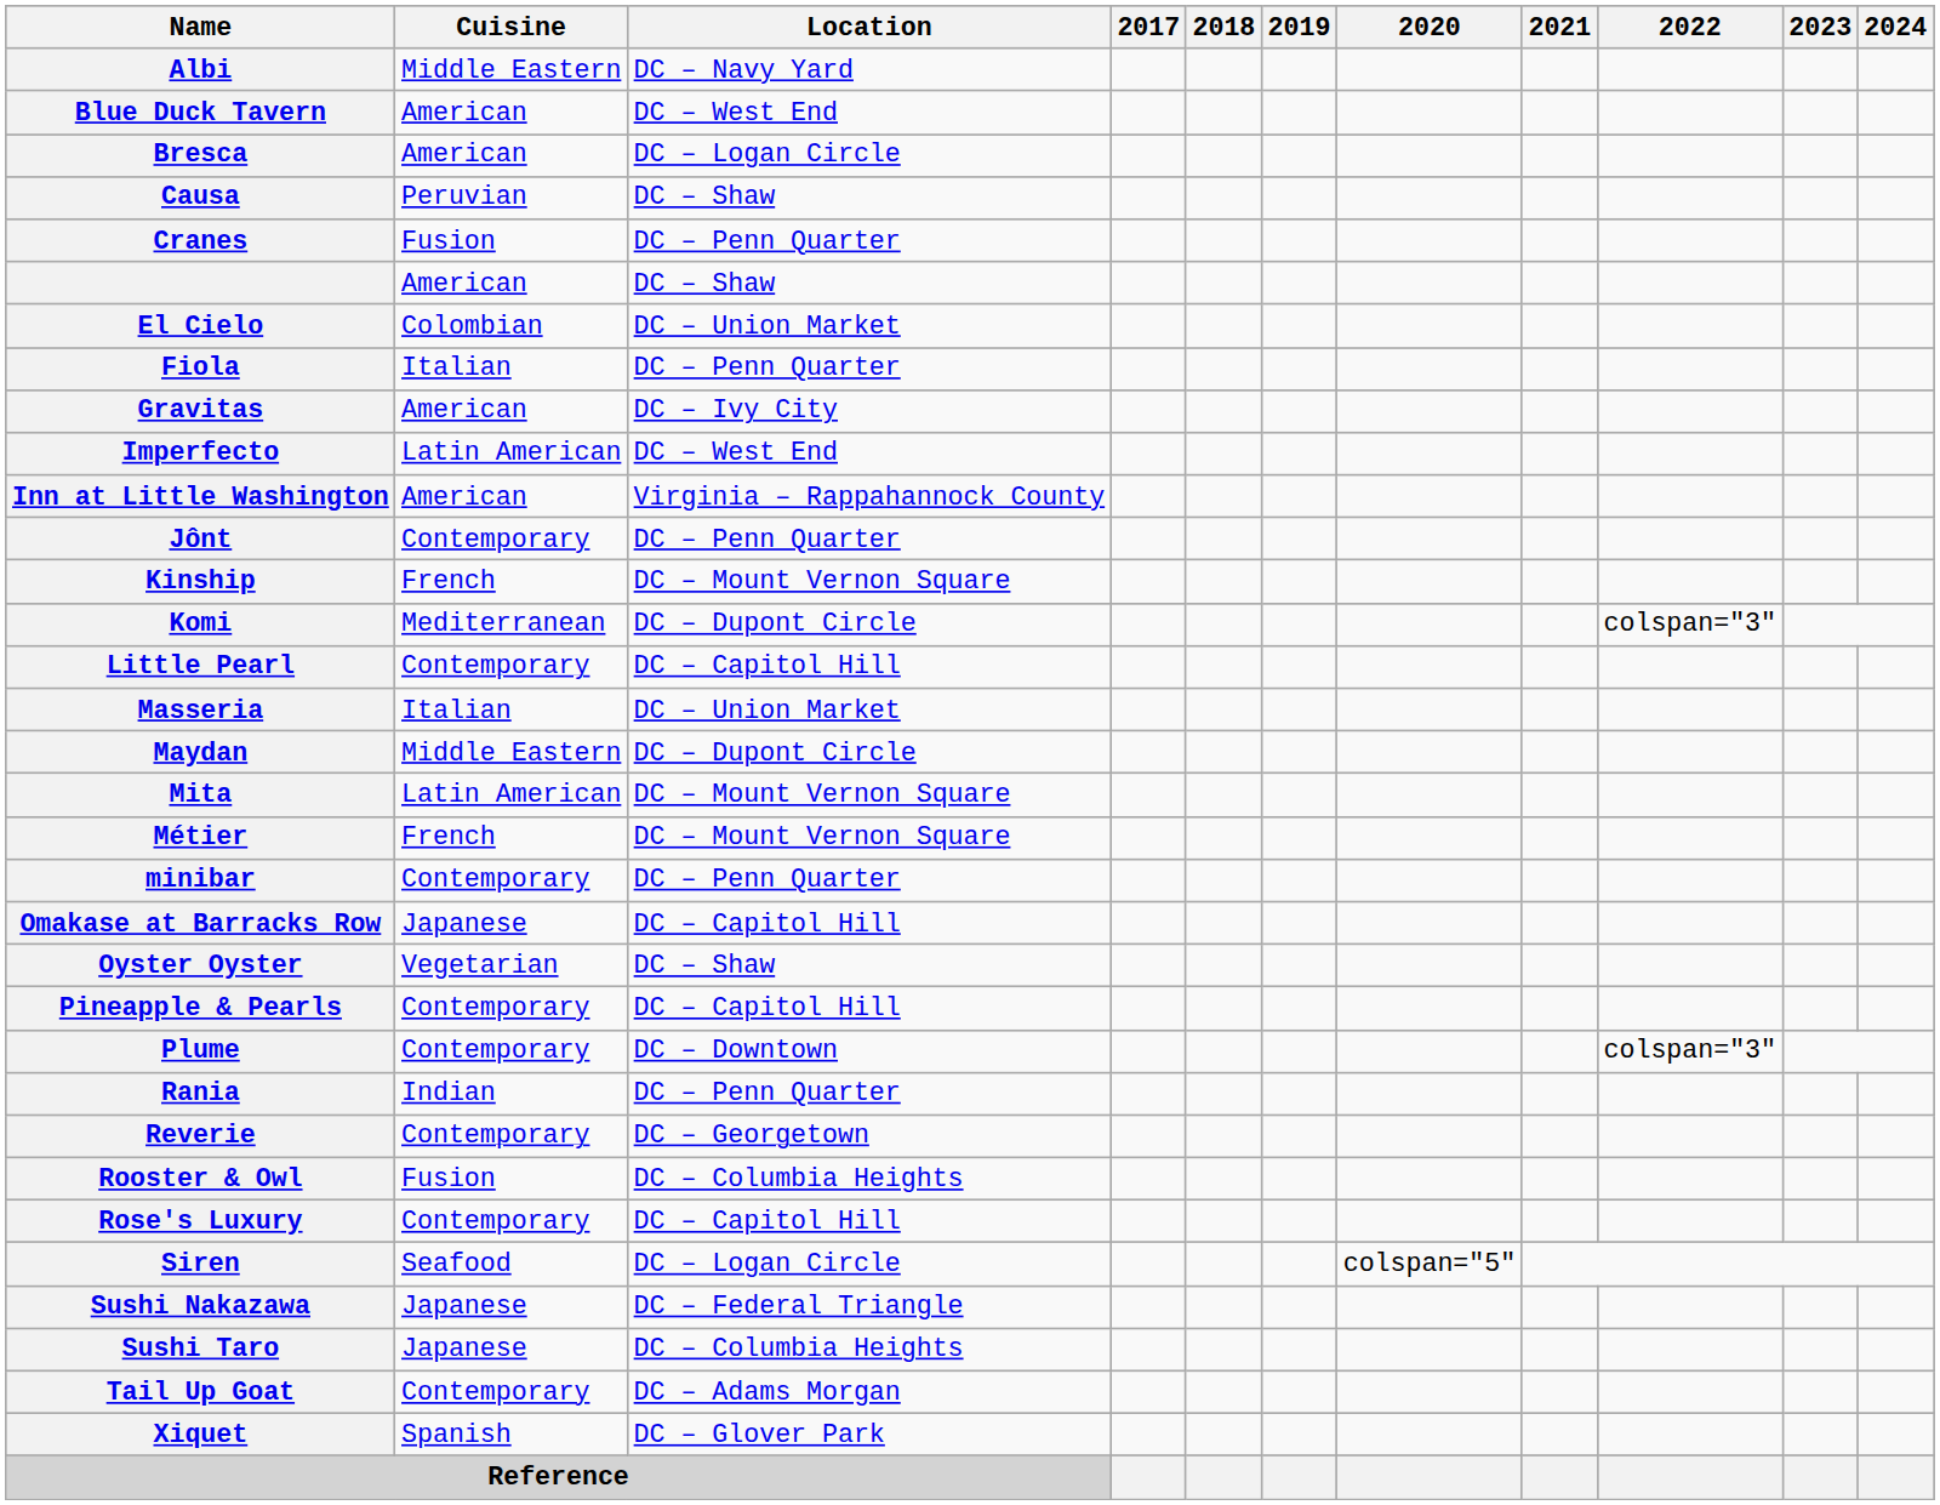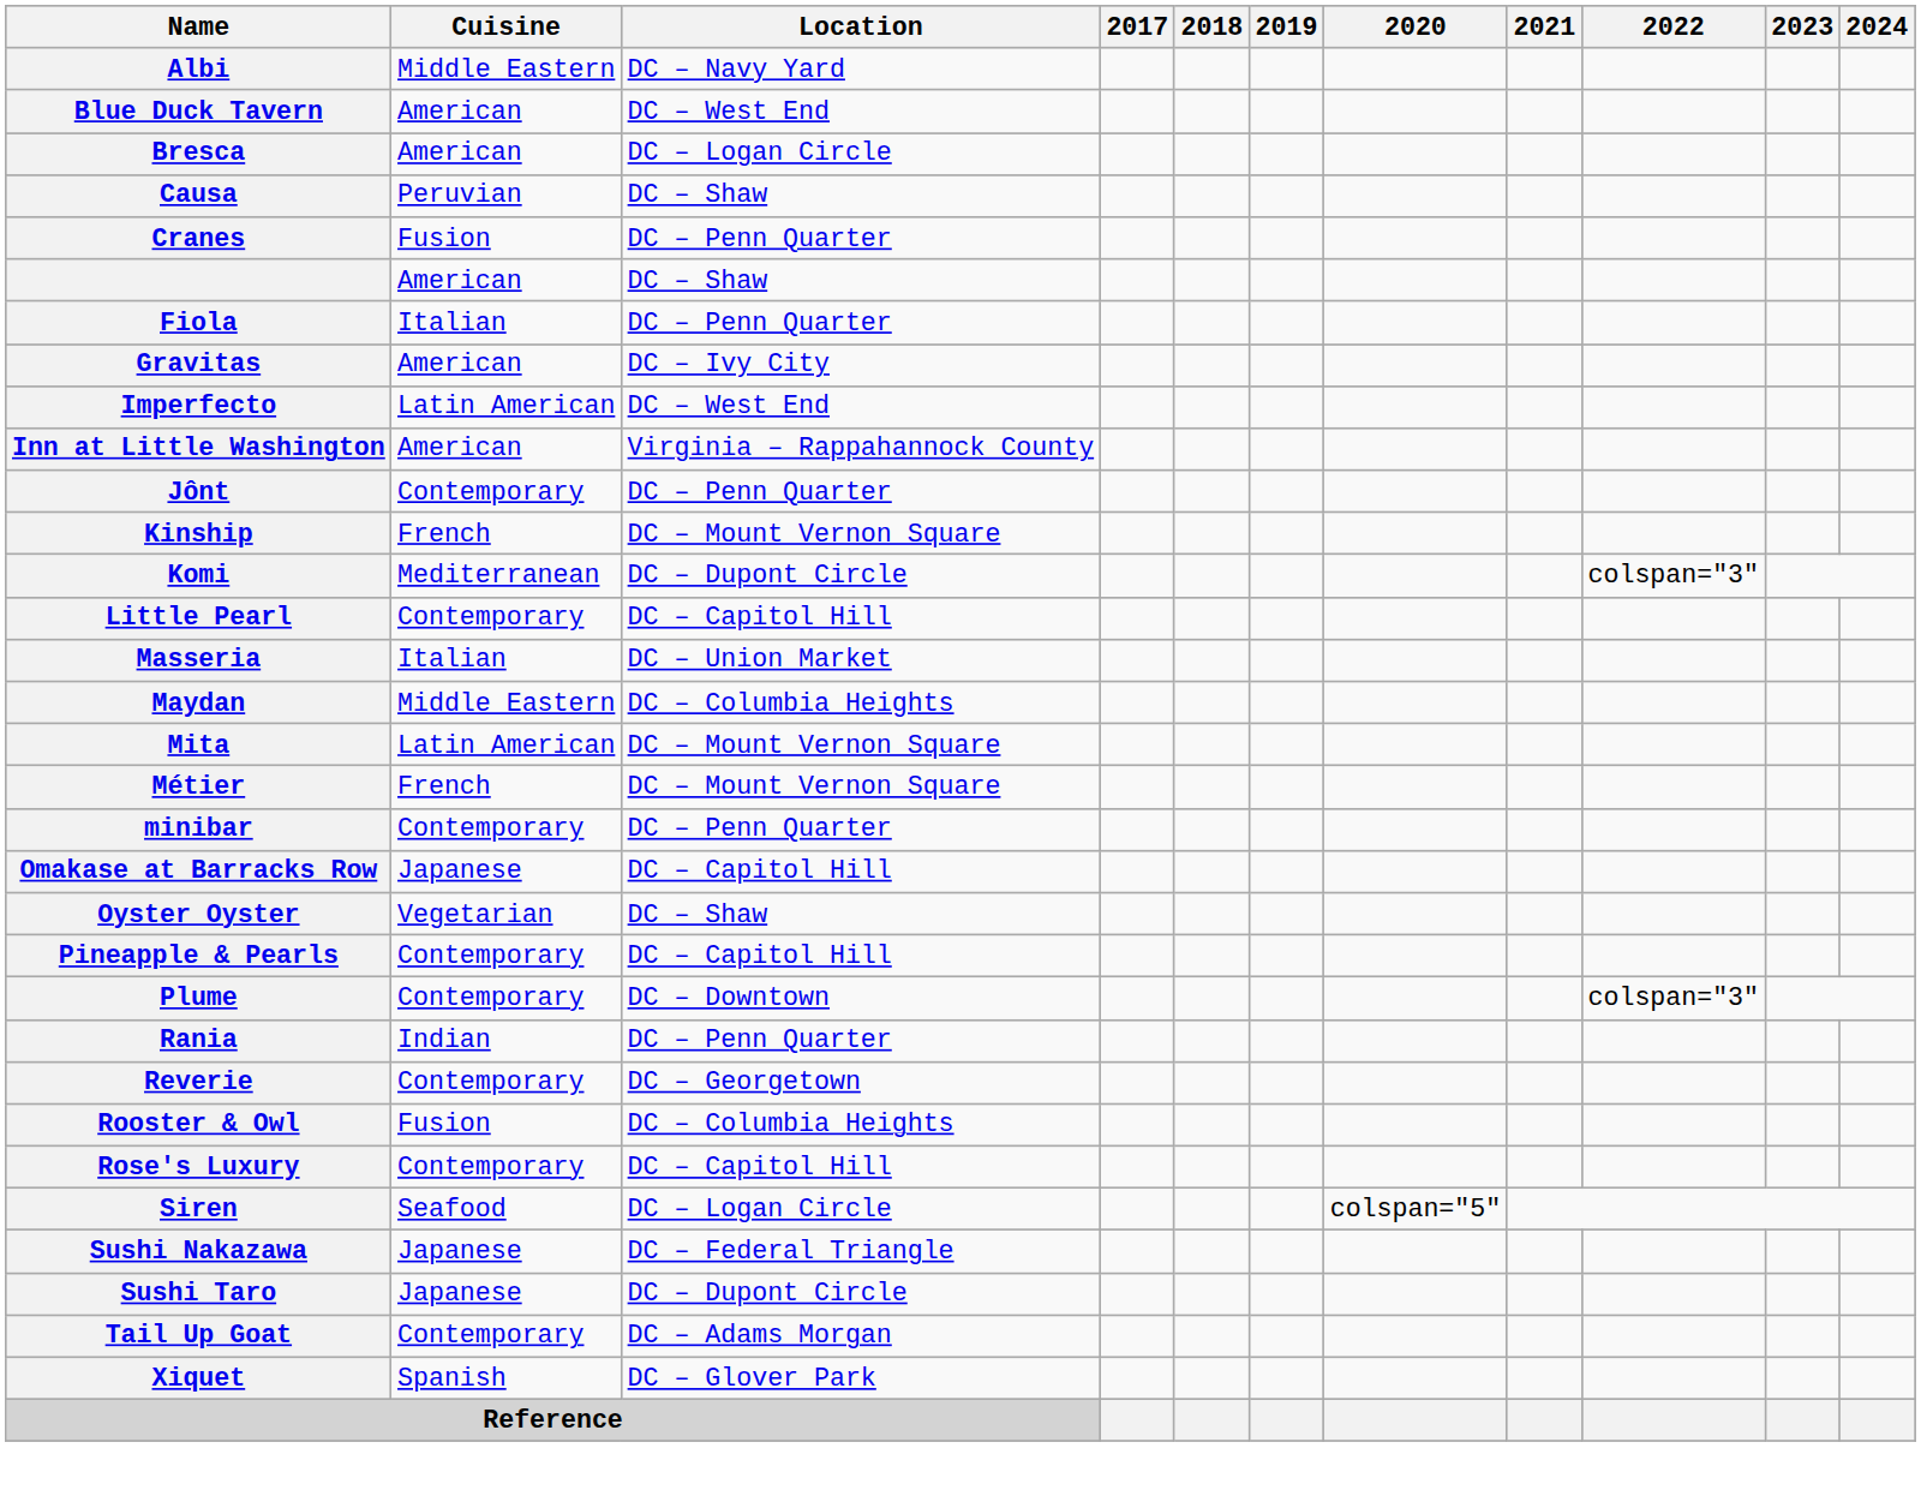 <table class="wikitable sortable plainrowheaders" style="text-align:left;"">
 <tr>
 <th scope="col">Name</th>
 <th scope="col">Cuisine</th>
 <th scope="col">Location</th>
 <th scope="col">2017</th>
 <th scope="col">2018</th>
 <th scope="col">2019</th>
 <th scope="col">2020</th>
 <th scope="col">2021</th>
 <th scope="col">2022</th>
 <th scope="col">2023</th>
 <th scope="col">2024</th>
 </tr>
 <tr>
 <th scope="row"><a href='#'>Albi</a></th>
 <td><a href='#'>Middle Eastern</a></td>
 <td><a href='#'>DC – Navy Yard</a></td>
 <td></td>
 <td></td>
 <td></td>
 <td></td>
 <td></td>
 <td></td>
 <td></td>
 <td></td>
 </tr>
 <tr>
 <th scope="row"><a href='#'>Blue Duck Tavern</a></th>
 <td><a href='#'>American</a></td>
 <td><a href='#'>DC – West End</a></td>
 <td></td>
 <td></td>
 <td></td>
 <td></td>
 <td></td>
 <td></td>
 <td></td>
 <td></td>
 </tr>
 <tr>
 <th scope="row"><a href='#'>Bresca</a></th>
 <td><a href='#'>American</a></td>
 <td><a href='#'>DC – Logan Circle</a></td>
 <td></td>
 <td></td>
 <td></td>
 <td></td>
 <td></td>
 <td></td>
 <td></td>
 <td></td>
 </tr>
 <tr>
 <th scope="row"><a href='#'>Causa</a></th>
 <td><a href='#'>Peruvian</a></td>
 <td><a href='#'>DC – Shaw</a></td>
 <td></td>
 <td></td>
 <td></td>
 <td></td>
 <td></td>
 <td></td>
 <td></td>
 <td></td>
 </tr>
 <tr>
 <th scope="row"><a href='#'>Cranes</a></th>
 <td><a href='#'>Fusion</a></td>
 <td><a href='#'>DC – Penn Quarter</a></td>
 <td></td>
 <td></td>
 <td></td>
 <td></td>
 <td></td>
 <td></td>
 <td></td>
 <td></td>
 </tr>
 <tr>
 <th scope="row"></th>
 <td><a href='#'>American</a></td>
 <td><a href='#'>DC – Shaw</a></td>
-<td></td>
-<td></td>
-<td></td>
-<td></td>
-<td></td>
-<td></td>
-<td></td>
-<td></td>
-</tr>
-<tr>
-<th scope="row"><a href='#'>El Cielo</a></th>
-<td><a href='#'>Colombian</a></td>
-<td><a href='#'>DC – Union Market</a></td>
 <td></td>
 <td></td>
 <td></td>
 <td></td>
 <td></td>
 <td></td>
 <td></td>
 <td></td>
 </tr>
 <tr>
 <th scope="row"><a href='#'>Fiola</a></th>
 <td><a href='#'>Italian</a></td>
 <td><a href='#'>DC – Penn Quarter</a></td>
 <td></td>
 <td></td>
 <td></td>
 <td></td>
 <td></td>
 <td></td>
 <td></td>
 <td></td>
 </tr>
 <tr>
 <th scope="row"><a href='#'>Gravitas</a></th>
 <td><a href='#'>American</a></td>
 <td><a href='#'>DC – Ivy City</a></td>
 <td></td>
 <td></td>
 <td></td>
 <td></td>
 <td></td>
 <td></td>
 <td></td>
 <td></td>
 </tr>
 <tr>
 <th scope="row"><a href='#'>Imperfecto</a></th>
 <td><a href='#'>Latin American</a></td>
 <td><a href='#'>DC – West End</a></td>
 <td></td>
 <td></td>
 <td></td>
 <td></td>
 <td></td>
 <td></td>
 <td></td>
 <td></td>
 </tr>
 <tr>
 <th scope="row"><a href='#'>Inn at Little Washington</a></th>
 <td><a href='#'>American</a></td>
 <td><a href='#'>Virginia – Rappahannock County</a></td>
 <td></td>
 <td></td>
 <td></td>
 <td></td>
 <td></td>
 <td></td>
 <td></td>
 <td></td>
 </tr>
 <tr>
 <th scope="row"><a href='#'>Jônt</a></th>
 <td><a href='#'>Contemporary</a></td>
 <td><a href='#'>DC – Penn Quarter</a></td>
 <td></td>
 <td></td>
 <td></td>
 <td></td>
 <td></td>
 <td></td>
 <td></td>
 <td></td>
 </tr>
 <tr>
 <th scope="row"><a href='#'>Kinship</a></th>
 <td><a href='#'>French</a></td>
 <td><a href='#'>DC – Mount Vernon Square</a></td>
 <td></td>
 <td></td>
 <td></td>
 <td></td>
 <td></td>
 <td></td>
 <td></td>
 <td></td>
 </tr>
 <tr>
 <th scope="row"><a href='#'>Komi</a></th>
 <td><a href='#'>Mediterranean</a></td>
 <td><a href='#'>DC – Dupont Circle</a></td>
 <td></td>
 <td></td>
 <td></td>
 <td></td>
 <td></td>
 <td>colspan="3" </td>
 </tr>
 <tr>
 <th scope="row"><a href='#'>Little Pearl</a></th>
 <td><a href='#'>Contemporary</a></td>
 <td><a href='#'>DC – Capitol Hill</a></td>
 <td></td>
 <td></td>
 <td></td>
 <td></td>
 <td></td>
 <td></td>
 <td></td>
 <td></td>
 </tr>
 <tr>
 <th scope="row"><a href='#'>Masseria</a></th>
 <td><a href='#'>Italian</a></td>
 <td><a href='#'>DC – Union Market</a></td>
 <td></td>
 <td></td>
 <td></td>
 <td></td>
 <td></td>
 <td></td>
 <td></td>
 <td></td>
 </tr>
 <tr>
 <th scope="row"><a href='#'>Maydan</a></th>
 <td><a href='#'>Middle Eastern</a></td>
-<td><a href='#'>DC – Dupont Circle</a></td>
+<td><a href='#'>DC – Columbia Heights</a></td>
 <td></td>
 <td></td>
 <td></td>
 <td></td>
 <td></td>
 <td></td>
 <td></td>
 <td></td>
 </tr>
 <tr>
 <th scope="row"><a href='#'>Mita</a></th>
 <td><a href='#'>Latin American</a></td>
 <td><a href='#'>DC – Mount Vernon Square</a></td>
 <td></td>
 <td></td>
 <td></td>
 <td></td>
 <td></td>
 <td></td>
 <td></td>
 <td></td>
 </tr>
 <tr>
 <th scope="row"><a href='#'>Métier</a></th>
 <td><a href='#'>French</a></td>
 <td><a href='#'>DC – Mount Vernon Square</a></td>
 <td></td>
 <td></td>
 <td></td>
 <td></td>
 <td></td>
 <td></td>
 <td></td>
 <td></td>
 </tr>
 <tr>
 <th scope="row"><a href='#'>minibar</a></th>
 <td><a href='#'>Contemporary</a></td>
 <td><a href='#'>DC – Penn Quarter</a></td>
 <td></td>
 <td></td>
 <td></td>
 <td></td>
 <td></td>
 <td></td>
 <td></td>
 <td></td>
 </tr>
 <tr>
 <th scope="row"><a href='#'>Omakase at Barracks Row</a></th>
 <td><a href='#'>Japanese</a></td>
 <td><a href='#'>DC – Capitol Hill</a></td>
 <td></td>
 <td></td>
 <td></td>
 <td></td>
 <td></td>
 <td></td>
 <td></td>
 <td></td>
 </tr>
 <tr>
 <th scope="row"><a href='#'>Oyster Oyster</a></th>
 <td><a href='#'>Vegetarian</a></td>
 <td><a href='#'>DC – Shaw</a></td>
 <td></td>
 <td></td>
 <td></td>
 <td></td>
 <td></td>
 <td></td>
 <td></td>
 <td></td>
 </tr>
 <tr>
 <th scope="row"><a href='#'>Pineapple & Pearls</a></th>
 <td><a href='#'>Contemporary</a></td>
 <td><a href='#'>DC – Capitol Hill</a></td>
 <td></td>
 <td></td>
 <td></td>
 <td></td>
 <td></td>
 <td></td>
 <td></td>
 <td></td>
 </tr>
 <tr>
 <th scope="row"><a href='#'>Plume</a></th>
 <td><a href='#'>Contemporary</a></td>
 <td><a href='#'>DC – Downtown</a></td>
 <td></td>
 <td></td>
 <td></td>
 <td></td>
 <td></td>
 <td>colspan="3" </td>
 </tr>
 <tr>
 <th scope="row"><a href='#'>Rania</a></th>
 <td><a href='#'>Indian</a></td>
 <td><a href='#'>DC – Penn Quarter</a></td>
 <td></td>
 <td></td>
 <td></td>
 <td></td>
 <td></td>
 <td></td>
 <td></td>
 <td></td>
 </tr>
 <tr>
 <th scope="row"><a href='#'>Reverie</a></th>
 <td><a href='#'>Contemporary</a></td>
 <td><a href='#'>DC – Georgetown</a></td>
 <td></td>
 <td></td>
 <td></td>
 <td></td>
 <td></td>
 <td></td>
 <td></td>
 <td></td>
 </tr>
 <tr>
 <th scope="row"><a href='#'>Rooster & Owl</a></th>
 <td><a href='#'>Fusion</a></td>
 <td><a href='#'>DC – Columbia Heights</a></td>
 <td></td>
 <td></td>
 <td></td>
 <td></td>
 <td></td>
 <td></td>
 <td></td>
 <td></td>
 </tr>
 <tr>
 <th scope="row"><a href='#'>Rose's Luxury</a></th>
 <td><a href='#'>Contemporary</a></td>
 <td><a href='#'>DC – Capitol Hill</a></td>
 <td></td>
 <td></td>
 <td></td>
 <td></td>
 <td></td>
 <td></td>
 <td></td>
 <td></td>
 </tr>
 <tr>
 <th scope="row"><a href='#'>Siren</a></th>
 <td><a href='#'>Seafood</a></td>
 <td><a href='#'>DC – Logan Circle</a></td>
 <td></td>
 <td></td>
 <td></td>
 <td>colspan="5" </td>
 </tr>
 <tr>
 <th scope="row"><a href='#'>Sushi Nakazawa</a></th>
 <td><a href='#'>Japanese</a></td>
 <td><a href='#'>DC – Federal Triangle</a></td>
 <td></td>
 <td></td>
 <td></td>
 <td></td>
 <td></td>
 <td></td>
 <td></td>
 <td></td>
 </tr>
 <tr>
 <th scope="row"><a href='#'>Sushi Taro</a></th>
 <td><a href='#'>Japanese</a></td>
-<td><a href='#'>DC – Columbia Heights</a></td>
+<td><a href='#'>DC – Dupont Circle</a></td>
 <td></td>
 <td></td>
 <td></td>
 <td></td>
 <td></td>
 <td></td>
 <td></td>
 <td></td>
 </tr>
 <tr>
 <th scope="row"><a href='#'>Tail Up Goat</a></th>
 <td><a href='#'>Contemporary</a></td>
 <td><a href='#'>DC – Adams Morgan</a></td>
 <td></td>
 <td></td>
 <td></td>
 <td></td>
 <td></td>
 <td></td>
 <td></td>
 <td></td>
 </tr>
 <tr>
 <th scope="row"><a href='#'>Xiquet</a></th>
 <td><a href='#'>Spanish</a></td>
 <td><a href='#'>DC – Glover Park</a></td>
 <td></td>
 <td></td>
 <td></td>
 <td></td>
 <td></td>
 <td></td>
 <td></td>
 <td></td>
 </tr>
 <tr>
 <th colspan="3" style="text-align: center;background: lightgray;">Reference</th>
 <th></th>
 <th></th>
 <th></th>
 <th></th>
 <th></th>
 <th></th>
 <th></th>
 <th></th>
 </tr>
 </table>
